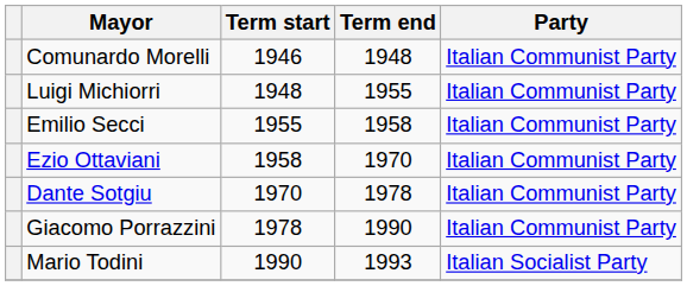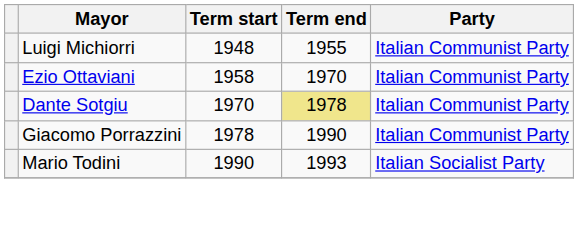 <table class="wikitable">
 <tr>
 <th class=unsortable> </th>
 <th>Mayor</th>
 <th>Term start</th>
 <th>Term end</th>
 <th>Party</th>
 </tr>
 <tr>
 <th style="background:"></th>
-<td>Comunardo Morelli</td>
-<td align=center>1946</td>
-<td align=center>1948</td>
-<td><a href='#'>Italian Communist Party</a></td>
-</tr>
-<tr>
-<th style="background:"></th>
 <td>Luigi Michiorri</td>
 <td align=center>1948</td>
 <td align=center>1955</td>
-<td><a href='#'>Italian Communist Party</a></td>
-</tr>
-<tr>
-<th style="background:"></th>
-<td>Emilio Secci</td>
-<td align=center>1955</td>
-<td align=center>1958</td>
 <td><a href='#'>Italian Communist Party</a></td>
 </tr>
 <tr>
 <th style="background:"></th>
 <td><a href='#'>Ezio Ottaviani</a></td>
 <td align=center>1958</td>
 <td align=center>1970</td>
 <td><a href='#'>Italian Communist Party</a></td>
 </tr>
 <tr>
 <th style="background:"></th>
 <td><a href='#'>Dante Sotgiu</a></td>
 <td align=center>1970</td>
-<td align=center>1978</td>
+<td align=center style="background: khaki;">1978</td>
 <td><a href='#'>Italian Communist Party</a></td>
 </tr>
 <tr>
 <th style="background:"></th>
 <td>Giacomo Porrazzini</td>
 <td align=center>1978</td>
 <td align=center>1990</td>
 <td><a href='#'>Italian Communist Party</a></td>
 </tr>
 <tr>
 <th style="background:"></th>
 <td>Mario Todini</td>
 <td align=center>1990</td>
 <td align=center>1993</td>
 <td><a href='#'>Italian Socialist Party</a></td>
 </tr>
 <tr>
 </tr>
 </table>
